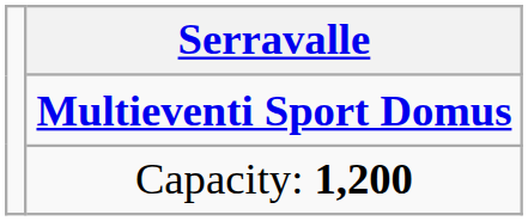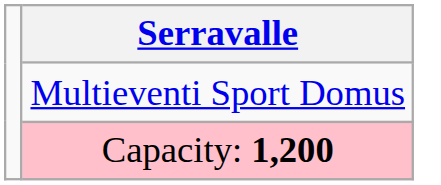 <table class="wikitable" style="text-align:center">
 <tr>
 <td rowspan=3></td>
 <th colspan=2><a href='#'>Serravalle</a></th>
 </tr>
 <tr>
-<td><strong><a href='#'>Multieventi Sport Domus</a></strong></td>
+<td><a href='#'>Multieventi Sport Domus</a></td>
 </tr>
 <tr>
-<td>Capacity: <strong>1,200</strong></td>
+<td style="background: pink;">Capacity: <strong>1,200</strong></td>
 </tr>
 </table>
